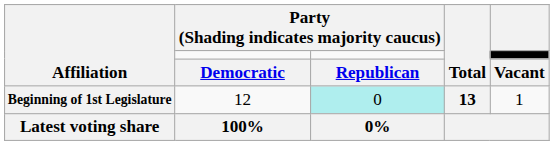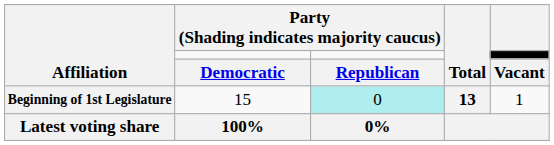 <table class=wikitable style="text-align:center">
 <tr style="vertical-align:bottom;">
 <th rowspan=3>Affiliation</th>
 <th colspan=2>Party <div>(Shading indicates majority caucus)</div></th>
 <th rowspan=3>Total</th>
 <th></th>
 </tr>
 <tr -style="height:5px">
 <td style="background-color:"></td>
 <td style="background-color:"></td>
 <td style="background-color:black"></td>
 </tr>
 <tr>
 <th><a href='#'>Democratic</a></th>
 <th><a href='#'>Republican</a></th>
 <th>Vacant</th>
 </tr>
 <tr>
 <th nowrap style="font-size:80%">Beginning of 1st Legislature</th>
-<td>12</td>
+<td>15</td>
 <td style="background: paleturquoise;">0</td>
 <th>13</th>
 <td>1</td>
 </tr>
 <tr>
 <th>Latest voting share</th>
 <th>100%</th>
 <th>0%</th>
 <th colspan=2></th>
 </tr>
 </table>
